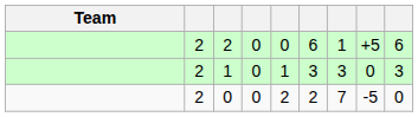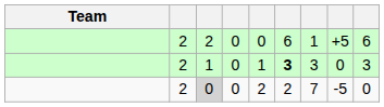 <table class="wikitable" style="text-align:center;">
 <tr>
 <th width="165">Team</th>
 <th width="20"></th>
 <th width="20"></th>
 <th width="20"></th>
 <th width="20"></th>
 <th width="20"></th>
 <th width="20"></th>
 <th width="20"></th>
 <th width="20"></th>
 </tr>
 <tr bgcolor="#ccffcc">
 <td style="text-align:left;"></td>
 <td>2</td>
 <td>2</td>
 <td>0</td>
 <td>0</td>
 <td>6</td>
 <td>1</td>
 <td>+5</td>
 <td>6</td>
 </tr>
 <tr bgcolor="#ccffcc">
 <td style="text-align:left;"></td>
 <td>2</td>
 <td>1</td>
 <td>0</td>
 <td>1</td>
-<td>3</td>
+<td><strong>3</strong></td>
 <td>3</td>
 <td>0</td>
 <td>3</td>
 </tr>
 <tr>
 <td style="text-align:left;"></td>
 <td>2</td>
-<td>0</td>
+<td style="background: lightgrey;">0</td>
 <td>0</td>
 <td>2</td>
 <td>2</td>
 <td>7</td>
 <td>-5</td>
 <td>0</td>
 </tr>
 </table>
